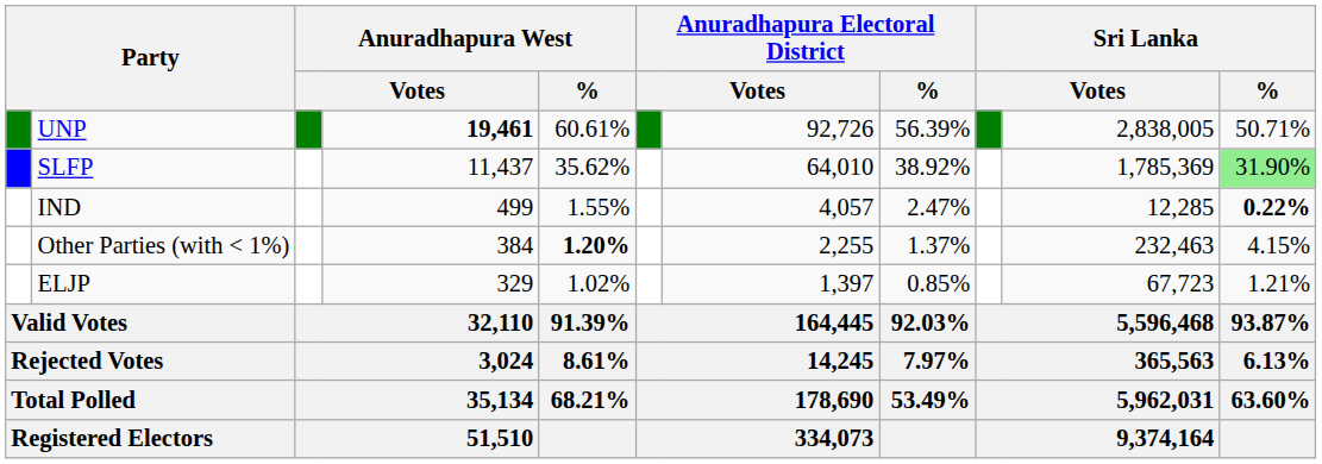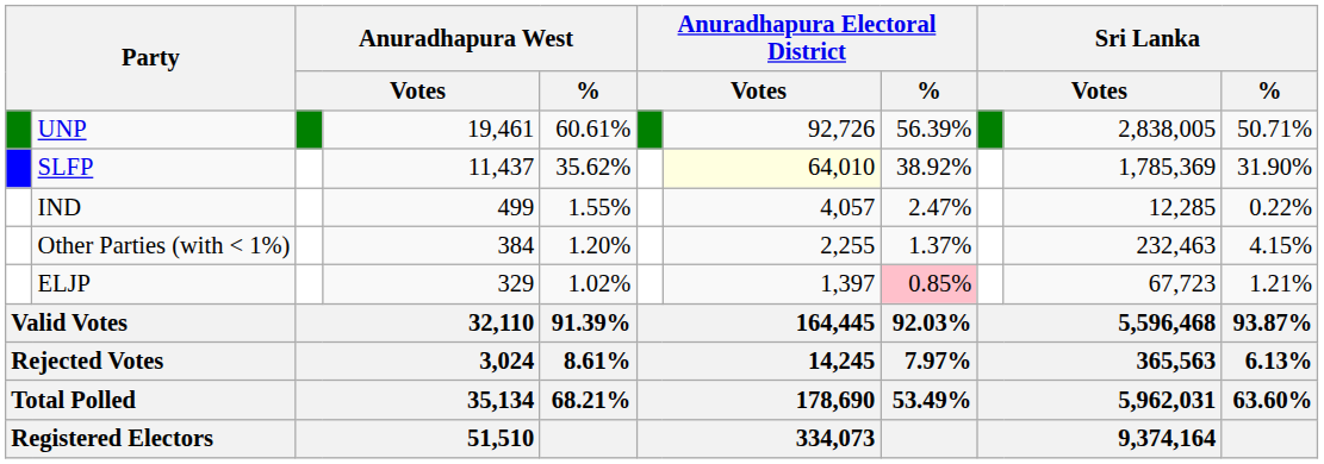 <table class="wikitable">
 <tr>
 <th colspan="2" width="144px"rowspan="2">Party</th>
 <th colspan="3" width="216px">Anuradhapura West</th>
 <th colspan="3" width="216px"><a href='#'>Anuradhapura Electoral District</a></th>
 <th colspan="3" width="216px">Sri Lanka</th>
 </tr>
 <tr>
 <th colspan="2" width="144px">Votes</th>
 <th>%</th>
 <th colspan="2" width="144px">Votes</th>
 <th>%</th>
 <th colspan="2" width="144px">Votes</th>
 <th>%</th>
 </tr>
 <tr>
 <td style="background-color:green;" width="10px"></td>
 <td style="text-align:left;"><a href='#'>UNP</a></td>
 <td style="background-color:green;" width="10px"></td>
-<td style="text-align:right;"><strong>19,461</strong></td>
+<td style="text-align:right;">19,461</td>
 <td style="text-align:right;">60.61%</td>
 <td style="background-color:green;" width="10px"></td>
 <td style="text-align:right;">92,726</td>
 <td style="text-align:right;">56.39%</td>
 <td style="background-color:green;" width="10px"></td>
 <td style="text-align:right;">2,838,005</td>
 <td style="text-align:right;">50.71%</td>
 </tr>
 <tr>
 <td style="background-color:blue;" width="10px"></td>
 <td style="text-align:left;"><a href='#'>SLFP</a></td>
 <td style="background-color:white;" width="10px"></td>
 <td style="text-align:right;">11,437</td>
 <td style="text-align:right;">35.62%</td>
 <td style="background-color:white;" width="10px"></td>
-<td style="text-align:right;">64,010</td>
+<td style="background: lightyellow; text-align:right;">64,010</td>
 <td style="text-align:right;">38.92%</td>
 <td style="background-color:white;" width="10px"></td>
 <td style="text-align:right;">1,785,369</td>
-<td style="background: lightgreen; text-align:right;">31.90%</td>
+<td style="text-align:right;">31.90%</td>
 </tr>
 <tr>
 <td style="background-color:white;" width="10px"></td>
 <td style="text-align:left;">IND</td>
 <td style="background-color:white;" width="10px"></td>
 <td style="text-align:right;">499</td>
 <td style="text-align:right;">1.55%</td>
 <td style="background-color:white;" width="10px"></td>
 <td style="text-align:right;">4,057</td>
 <td style="text-align:right;">2.47%</td>
 <td style="background-color:white;" width="10px"></td>
 <td style="text-align:right;">12,285</td>
-<td style="text-align:right;"><strong>0.22%</strong></td>
+<td style="text-align:right;">0.22%</td>
 </tr>
 <tr>
 <td style="background-color:white;" width="10px"></td>
 <td style="text-align:left;">Other Parties (with < 1%)</td>
 <td style="background-color:white;" width="10px"></td>
 <td style="text-align:right;">384</td>
-<td style="text-align:right;"><strong>1.20%</strong></td>
+<td style="text-align:right;">1.20%</td>
 <td style="background-color:white;" width="10px"></td>
 <td style="text-align:right;">2,255</td>
 <td style="text-align:right;">1.37%</td>
 <td style="background-color:white;" width="10px"></td>
 <td style="text-align:right;">232,463</td>
 <td style="text-align:right;">4.15%</td>
 </tr>
 <tr>
 <td style="background-color:white;" width="10px"></td>
 <td style="text-align:left;">ELJP</td>
 <td style="background-color:white;" width="10px"></td>
 <td style="text-align:right;">329</td>
 <td style="text-align:right;">1.02%</td>
 <td style="background-color:white;" width="10px"></td>
 <td style="text-align:right;">1,397</td>
-<td style="text-align:right;">0.85%</td>
+<td style="background: pink; text-align:right;">0.85%</td>
 <td style="background-color:white;" width="10px"></td>
 <td style="text-align:right;">67,723</td>
 <td style="text-align:right;">1.21%</td>
 </tr>
 <tr>
 <th colspan="2" width="144px"style="text-align:left;">Valid Votes</th>
 <th style="text-align:right;"colspan="2" width="144px">32,110</th>
 <th style="text-align:right;">91.39%</th>
 <th style="text-align:right;"colspan="2" width="144px">164,445</th>
 <th style="text-align:right;">92.03%</th>
 <th style="text-align:right;"colspan="2" width="144px">5,596,468</th>
 <th style="text-align:right;">93.87%</th>
 </tr>
 <tr>
 <th colspan="2" width="144px"style="text-align:left;">Rejected Votes</th>
 <th style="text-align:right;"colspan="2" width="144px">3,024</th>
 <th style="text-align:right;">8.61%</th>
 <th style="text-align:right;"colspan="2" width="144px">14,245</th>
 <th style="text-align:right;">7.97%</th>
 <th style="text-align:right;"colspan="2" width="144px">365,563</th>
 <th style="text-align:right;">6.13%</th>
 </tr>
 <tr>
 <th colspan="2" width="144px"style="text-align:left;">Total Polled</th>
 <th style="text-align:right;"colspan="2" width="144px">35,134</th>
 <th style="text-align:right;">68.21%</th>
 <th style="text-align:right;"colspan="2" width="144px">178,690</th>
 <th style="text-align:right;">53.49%</th>
 <th style="text-align:right;"colspan="2" width="144px">5,962,031</th>
 <th style="text-align:right;">63.60%</th>
 </tr>
 <tr>
 <th colspan="2" width="144px"style="text-align:left;">Registered Electors</th>
 <th style="text-align:right;"colspan="2" width="144px">51,510</th>
 <th></th>
 <th style="text-align:right;"colspan="2" width="144px">334,073</th>
 <th></th>
 <th style="text-align:right;"colspan="2" width="144px">9,374,164</th>
 <th></th>
 </tr>
 </table>
